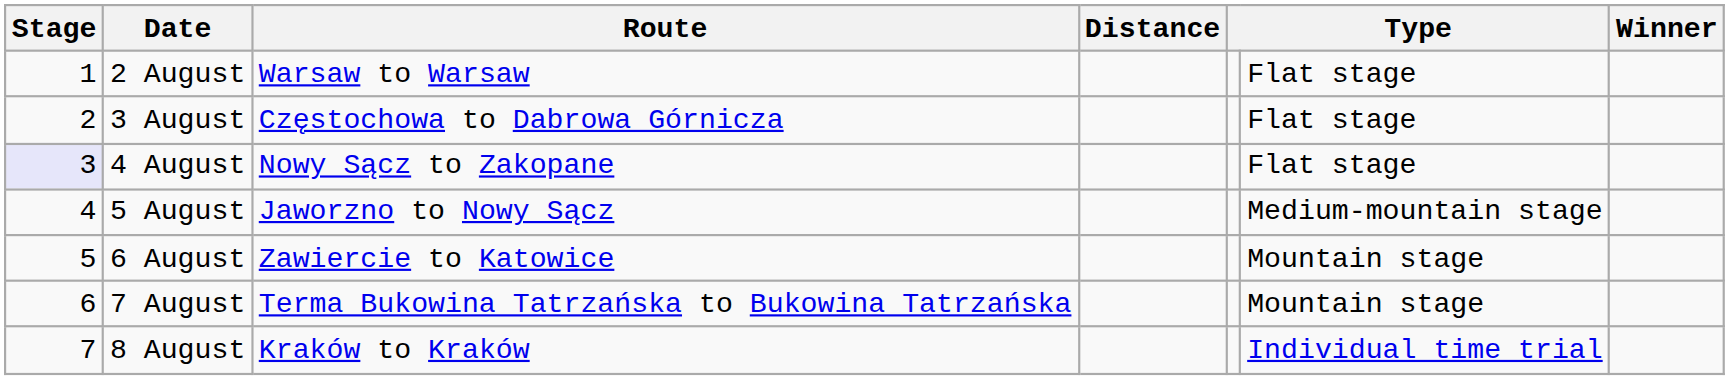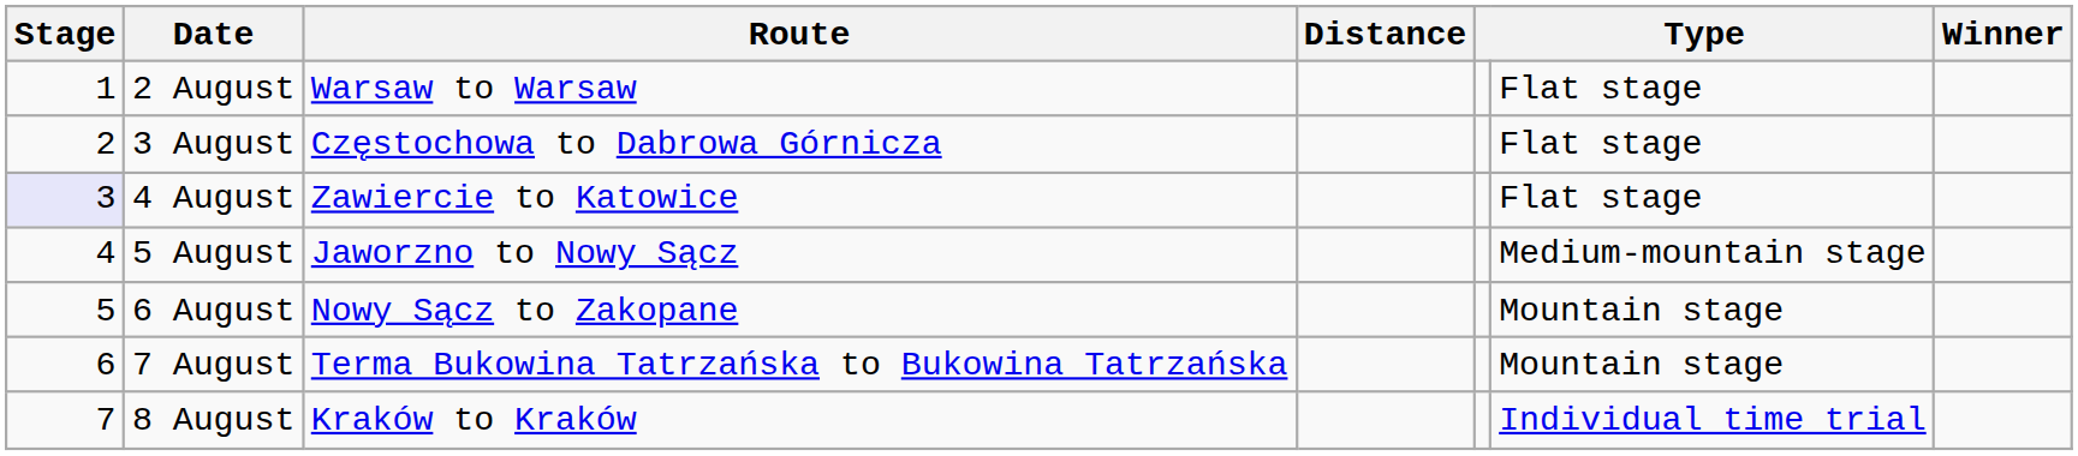 <table class="wikitable">
 <tr>
 <th>Stage</th>
 <th>Date</th>
 <th>Route</th>
 <th>Distance</th>
 <th colspan="2">Type</th>
 <th>Winner</th>
 </tr>
 <tr>
 <td align=right>1</td>
 <td align=right>2 August</td>
 <td><a href='#'>Warsaw</a> to <a href='#'>Warsaw</a></td>
 <td style="text-align:center;"></td>
 <td></td>
 <td>Flat stage</td>
 <td></td>
 </tr>
 <tr>
 <td align=right>2</td>
 <td align=right>3 August</td>
 <td><a href='#'>Częstochowa</a> to <a href='#'>Dabrowa Górnicza</a></td>
 <td style="text-align:center;"></td>
 <td></td>
 <td>Flat stage</td>
 <td></td>
 </tr>
 <tr>
 <td align=right style="background: lavender;">3</td>
 <td align=right>4 August</td>
-<td><a href='#'>Nowy Sącz</a> to <a href='#'>Zakopane</a></td>
+<td><a href='#'>Zawiercie</a> to <a href='#'>Katowice</a></td>
 <td style="text-align:center;"></td>
 <td></td>
 <td>Flat stage</td>
 <td></td>
 </tr>
 <tr>
 <td align=right>4</td>
 <td align=right>5 August</td>
 <td><a href='#'>Jaworzno</a> to <a href='#'>Nowy Sącz</a></td>
 <td style="text-align:center;"></td>
 <td></td>
 <td>Medium-mountain stage</td>
 <td></td>
 </tr>
 <tr>
 <td align=right>5</td>
 <td align=right>6 August</td>
-<td><a href='#'>Zawiercie</a> to <a href='#'>Katowice</a></td>
+<td><a href='#'>Nowy Sącz</a> to <a href='#'>Zakopane</a></td>
 <td style="text-align:center;"></td>
 <td></td>
 <td>Mountain stage</td>
 <td></td>
 </tr>
 <tr>
 <td align=right>6</td>
 <td align=right>7 August</td>
 <td><a href='#'>Terma Bukowina Tatrzańska</a> to <a href='#'>Bukowina Tatrzańska</a></td>
 <td style="text-align:center;"></td>
 <td></td>
 <td>Mountain stage</td>
 <td></td>
 </tr>
 <tr>
 <td align=right>7</td>
 <td align=right>8 August</td>
 <td><a href='#'>Kraków</a> to <a href='#'>Kraków</a></td>
 <td style="text-align:center;"></td>
 <td></td>
 <td><a href='#'>Individual time trial</a></td>
 <td></td>
 </tr>
 </table>
